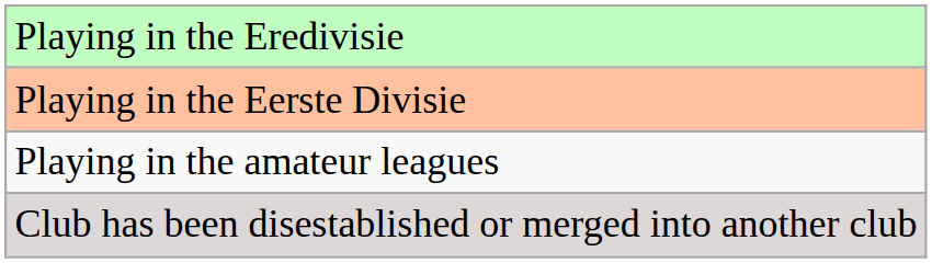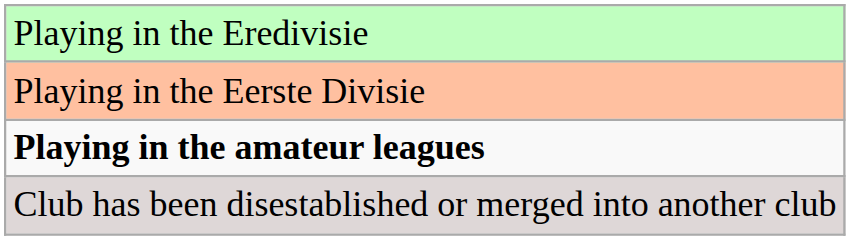 <table class="wikitable">
 <tr bgcolor=#C0FFC0>
 <td>Playing in the Eredivisie</td>
 </tr>
 <tr bgcolor=#FFC0A0>
 <td>Playing in the Eerste Divisie</td>
 </tr>
 <tr>
-<td>Playing in the amateur leagues</td>
+<td><strong>Playing in the amateur leagues</strong></td>
 </tr>
 <tr bgcolor=#DED7D7>
 <td>Club has been disestablished or merged into another club</td>
 </tr>
 </table>
